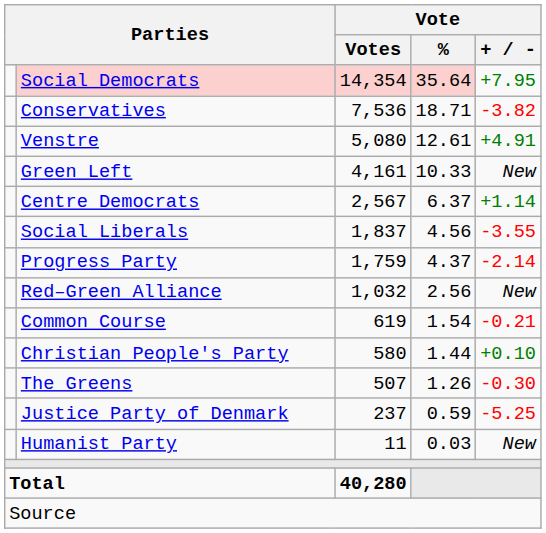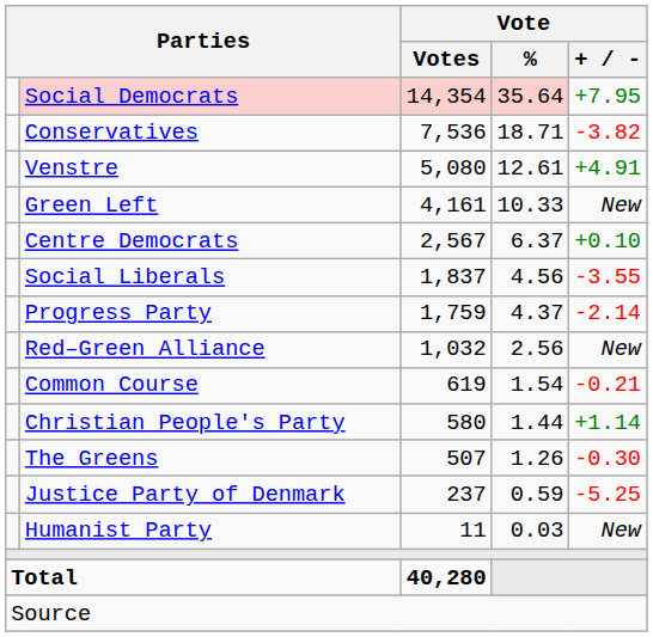 <table class="wikitable" style="text-align:right;">
 <tr>
 <th style="text-align:centre;" rowspan="2" colspan="2" width="225">Parties</th>
 <th colspan="3">Vote</th>
 </tr>
 <tr>
 <th width="15">Votes</th>
 <th width="15">%</th>
 <th width="15">+ / -</th>
 </tr>
 <tr>
 <td width="2" style="color:inherit;background:"></td>
 <td bgcolor=#fbd0ce  align="left"><a href='#'>Social Democrats</a></td>
 <td bgcolor=#fbd0ce>14,354</td>
 <td bgcolor=#fbd0ce>35.64</td>
 <td style=color:green;>+7.95</td>
 </tr>
 <tr>
 <td width="2" style="color:inherit;background:"></td>
 <td align="left"><a href='#'>Conservatives</a></td>
 <td>7,536</td>
 <td>18.71</td>
 <td style=color:red;>-3.82</td>
 </tr>
 <tr>
 <td width="2" style="color:inherit;background:"></td>
 <td align="left"><a href='#'>Venstre</a></td>
 <td>5,080</td>
 <td>12.61</td>
 <td style=color:green;>+4.91</td>
 </tr>
 <tr>
 <td width="2" style="color:inherit;background:"></td>
 <td align="left"><a href='#'>Green Left</a></td>
 <td>4,161</td>
 <td>10.33</td>
 <td><em>New</em></td>
 </tr>
 <tr>
 <td width="2" style="color:inherit;background:"></td>
 <td align="left"><a href='#'>Centre Democrats</a></td>
 <td>2,567</td>
 <td>6.37</td>
-<td style=color:green;>+1.14</td>
+<td style=color:green;>+0.10</td>
 </tr>
 <tr>
 <td width="2" style="color:inherit;background:"></td>
 <td align="left"><a href='#'>Social Liberals</a></td>
 <td>1,837</td>
 <td>4.56</td>
 <td style=color:red;>-3.55</td>
 </tr>
 <tr>
 <td width="2" style="color:inherit;background:"></td>
 <td align="left"><a href='#'>Progress Party</a></td>
 <td>1,759</td>
 <td>4.37</td>
 <td style=color:red;>-2.14</td>
 </tr>
 <tr>
 <td width="2" style="color:inherit;background:"></td>
 <td align="left"><a href='#'>Red–Green Alliance</a></td>
 <td>1,032</td>
 <td>2.56</td>
 <td><em>New</em></td>
 </tr>
 <tr>
 <td width="2" style="color:inherit;background:"></td>
 <td align="left"><a href='#'>Common Course</a></td>
 <td>619</td>
 <td>1.54</td>
 <td style=color:red;>-0.21</td>
 </tr>
 <tr>
 <td width="2" style="color:inherit;background:"></td>
 <td align="left"><a href='#'>Christian People's Party</a></td>
 <td>580</td>
 <td>1.44</td>
-<td style=color:green;>+0.10</td>
+<td style=color:green;>+1.14</td>
 </tr>
 <tr>
 <td width="2" style="color:inherit;background:"></td>
 <td align="left"><a href='#'>The Greens</a></td>
 <td>507</td>
 <td>1.26</td>
 <td style=color:red;>-0.30</td>
 </tr>
 <tr>
 <td width="2" style="color:inherit;background:"></td>
 <td align="left"><a href='#'>Justice Party of Denmark</a></td>
 <td>237</td>
 <td>0.59</td>
 <td style=color:red;>-5.25</td>
 </tr>
 <tr>
 <td width="2" style="color:inherit;background:"></td>
 <td align="left"><a href='#'>Humanist Party</a></td>
 <td>11</td>
 <td>0.03</td>
 <td><em>New</em></td>
 </tr>
 <tr>
 <td colspan="7" bgcolor="#E9E9E9"></td>
 </tr>
 <tr>
 <td align="left" colspan="2"><strong>Total</strong></td>
 <td><strong>40,280</strong></td>
 <td bgcolor="#E9E9E9" colspan="2"></td>
 </tr>
 <tr>
 <td align="left" colspan="6">Source</td>
 </tr>
 </table>
